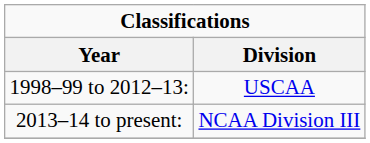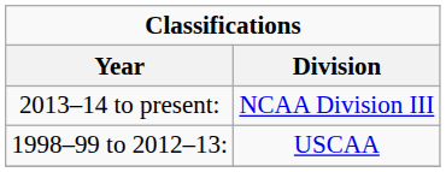 <table class="wikitable sortable" style="text-align:center">
 <tr>
 <td colspan="2"><strong>Classifications</strong></td>
 </tr>
 <tr>
 <th>Year</th>
 <th>Division</th>
 </tr>
 <tr>
+<td>2013–14 to present:</td>
+<td><a href='#'>NCAA Division III</a></td>
+</tr>
+<tr>
 <td>1998–99 to 2012–13:</td>
 <td><a href='#'>USCAA</a></td>
 </tr>
 <tr>
-<td>2013–14 to present:</td>
-<td><a href='#'>NCAA Division III</a></td>
-</tr>
-<tr>
 </tr>
 </table>
